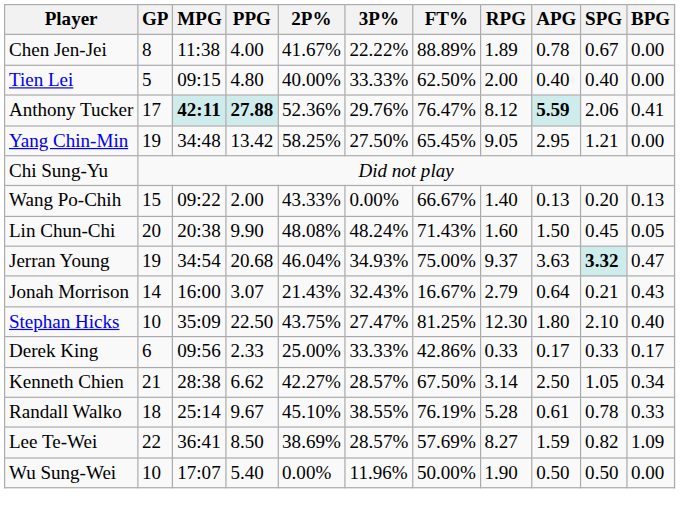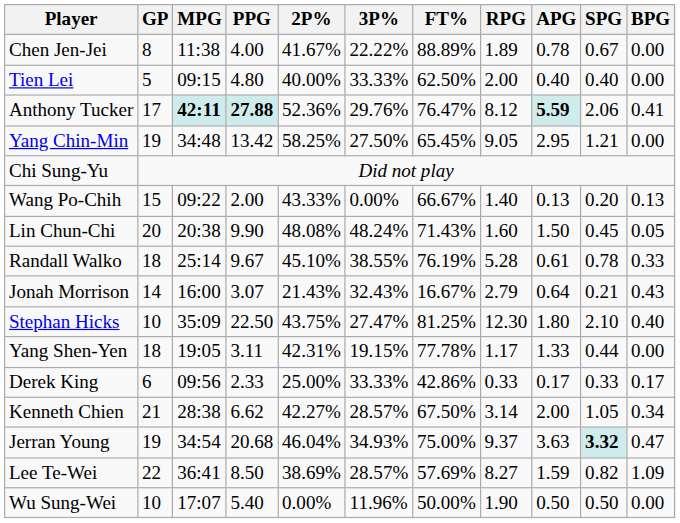 <table class="wikitable">
 <tr>
 <th>Player</th>
 <th>GP</th>
 <th>MPG</th>
 <th>PPG</th>
 <th>2P%</th>
 <th>3P%</th>
 <th>FT%</th>
 <th>RPG</th>
 <th>APG</th>
 <th>SPG</th>
 <th>BPG</th>
 </tr>
 <tr>
 <td>Chen Jen-Jei</td>
 <td>8</td>
 <td>11:38</td>
 <td>4.00</td>
 <td>41.67%</td>
 <td>22.22%</td>
 <td>88.89%</td>
 <td>1.89</td>
 <td>0.78</td>
 <td>0.67</td>
 <td>0.00</td>
 </tr>
 <tr>
 <td><a href='#'>Tien Lei</a></td>
 <td>5</td>
 <td>09:15</td>
 <td>4.80</td>
 <td>40.00%</td>
 <td>33.33%</td>
 <td>62.50%</td>
 <td>2.00</td>
 <td>0.40</td>
 <td>0.40</td>
 <td>0.00</td>
 </tr>
 <tr>
 <td>Anthony Tucker</td>
 <td>17</td>
 <td style="background-color: #CFECEC"><strong>42:11</strong></td>
 <td style="background-color: #CFECEC"><strong>27.88</strong></td>
 <td>52.36%</td>
 <td>29.76%</td>
 <td>76.47%</td>
 <td>8.12</td>
 <td style="background-color: #CFECEC"><strong>5.59</strong></td>
 <td>2.06</td>
 <td>0.41</td>
 </tr>
 <tr>
 <td><a href='#'>Yang Chin-Min</a></td>
 <td>19</td>
 <td>34:48</td>
 <td>13.42</td>
 <td>58.25%</td>
 <td>27.50%</td>
 <td>65.45%</td>
 <td>9.05</td>
 <td>2.95</td>
 <td>1.21</td>
 <td>0.00</td>
 </tr>
 <tr>
 <td>Chi Sung-Yu</td>
 <td colspan=10 align=center><em>Did not play</em></td>
 </tr>
 <tr>
 <td>Wang Po-Chih</td>
 <td>15</td>
 <td>09:22</td>
 <td>2.00</td>
 <td>43.33%</td>
 <td>0.00%</td>
 <td>66.67%</td>
 <td>1.40</td>
 <td>0.13</td>
 <td>0.20</td>
 <td>0.13</td>
 </tr>
 <tr>
 <td>Lin Chun-Chi</td>
 <td>20</td>
 <td>20:38</td>
 <td>9.90</td>
 <td>48.08%</td>
 <td>48.24%</td>
 <td>71.43%</td>
 <td>1.60</td>
 <td>1.50</td>
 <td>0.45</td>
 <td>0.05</td>
 </tr>
 <tr>
-<td>Jerran Young</td>
-<td>19</td>
-<td>34:54</td>
-<td>20.68</td>
-<td>46.04%</td>
-<td>34.93%</td>
-<td>75.00%</td>
-<td>9.37</td>
-<td>3.63</td>
-<td style="background-color: #CFECEC"><strong>3.32</strong></td>
-<td>0.47</td>
+<td>Randall Walko</td>
+<td>18</td>
+<td>25:14</td>
+<td>9.67</td>
+<td>45.10%</td>
+<td>38.55%</td>
+<td>76.19%</td>
+<td>5.28</td>
+<td>0.61</td>
+<td>0.78</td>
+<td>0.33</td>
 </tr>
 <tr>
 <td>Jonah Morrison</td>
 <td>14</td>
 <td>16:00</td>
 <td>3.07</td>
 <td>21.43%</td>
 <td>32.43%</td>
 <td>16.67%</td>
 <td>2.79</td>
 <td>0.64</td>
 <td>0.21</td>
 <td>0.43</td>
 </tr>
 <tr>
 <td><a href='#'>Stephan Hicks</a></td>
 <td>10</td>
 <td>35:09</td>
 <td>22.50</td>
 <td>43.75%</td>
 <td>27.47%</td>
 <td>81.25%</td>
 <td>12.30</td>
 <td>1.80</td>
 <td>2.10</td>
 <td>0.40</td>
 </tr>
 <tr>
+<td>Yang Shen-Yen</td>
+<td>18</td>
+<td>19:05</td>
+<td>3.11</td>
+<td>42.31%</td>
+<td>19.15%</td>
+<td>77.78%</td>
+<td>1.17</td>
+<td>1.33</td>
+<td>0.44</td>
+<td>0.00</td>
+</tr>
+<tr>
 <td>Derek King</td>
 <td>6</td>
 <td>09:56</td>
 <td>2.33</td>
 <td>25.00%</td>
 <td>33.33%</td>
 <td>42.86%</td>
 <td>0.33</td>
 <td>0.17</td>
 <td>0.33</td>
 <td>0.17</td>
 </tr>
 <tr>
 <td>Kenneth Chien</td>
 <td>21</td>
 <td>28:38</td>
 <td>6.62</td>
 <td>42.27%</td>
 <td>28.57%</td>
 <td>67.50%</td>
 <td>3.14</td>
-<td>2.50</td>
+<td>2.00</td>
 <td>1.05</td>
 <td>0.34</td>
 </tr>
 <tr>
-<td>Randall Walko</td>
-<td>18</td>
-<td>25:14</td>
-<td>9.67</td>
-<td>45.10%</td>
-<td>38.55%</td>
-<td>76.19%</td>
-<td>5.28</td>
-<td>0.61</td>
-<td>0.78</td>
-<td>0.33</td>
+<td>Jerran Young</td>
+<td>19</td>
+<td>34:54</td>
+<td>20.68</td>
+<td>46.04%</td>
+<td>34.93%</td>
+<td>75.00%</td>
+<td>9.37</td>
+<td>3.63</td>
+<td style="background-color: #CFECEC"><strong>3.32</strong></td>
+<td>0.47</td>
 </tr>
 <tr>
 <td>Lee Te-Wei</td>
 <td>22</td>
 <td>36:41</td>
 <td>8.50</td>
 <td>38.69%</td>
 <td>28.57%</td>
 <td>57.69%</td>
 <td>8.27</td>
 <td>1.59</td>
 <td>0.82</td>
 <td>1.09</td>
 </tr>
 <tr>
 <td>Wu Sung-Wei</td>
 <td>10</td>
 <td>17:07</td>
 <td>5.40</td>
 <td>0.00%</td>
 <td>11.96%</td>
 <td>50.00%</td>
 <td>1.90</td>
 <td>0.50</td>
 <td>0.50</td>
 <td>0.00</td>
 </tr>
 </table>
